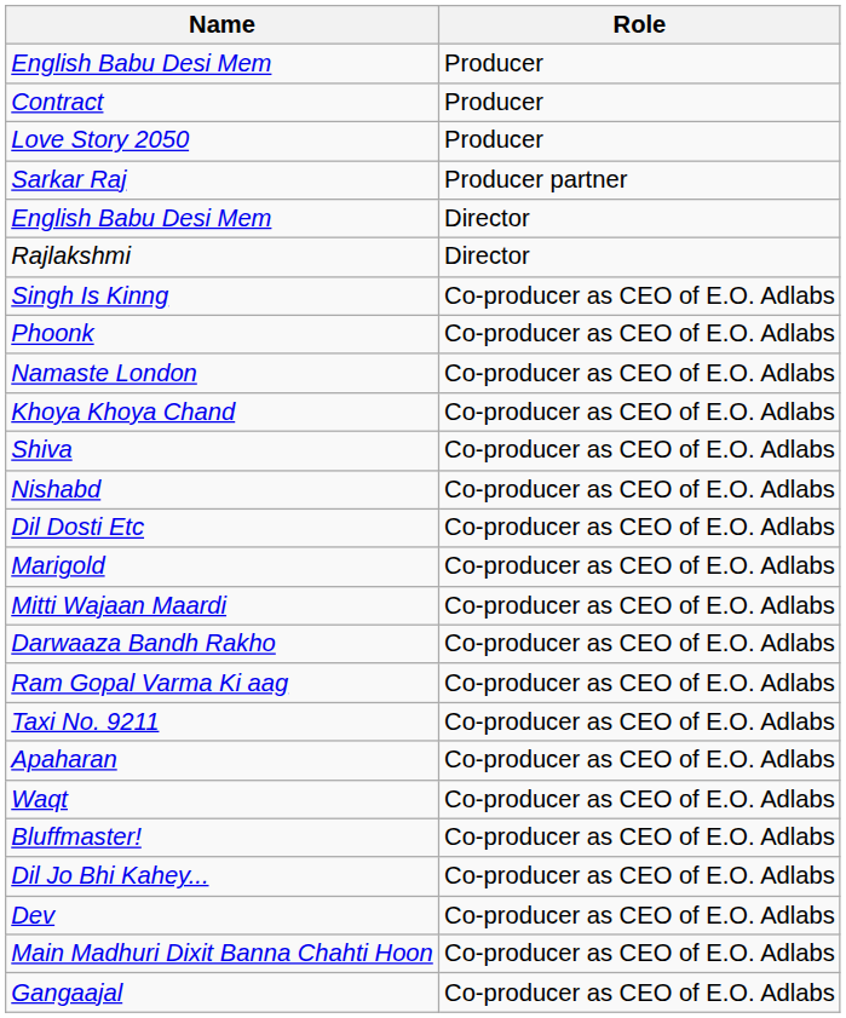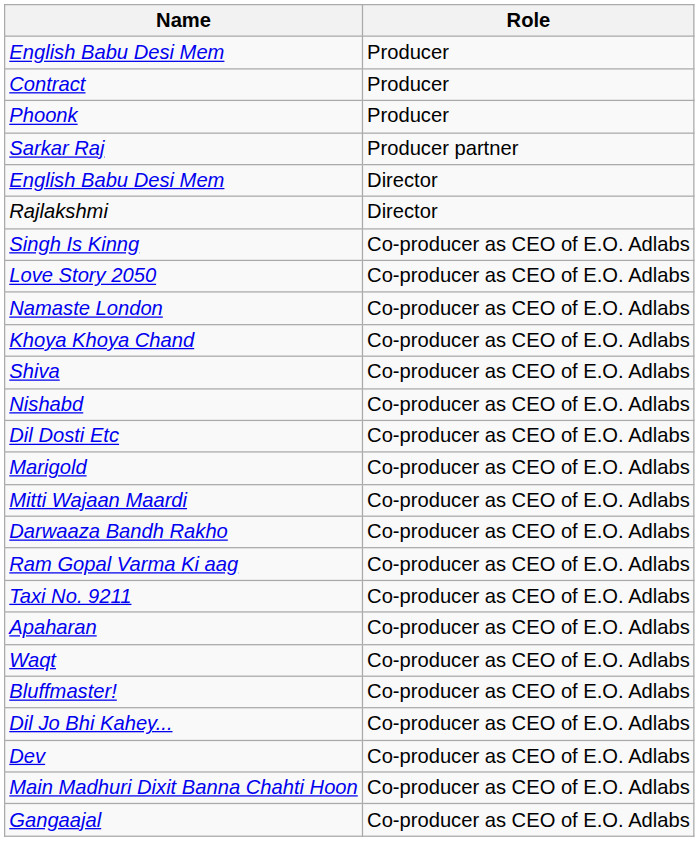 <table class="wikitable">
 <tr>
 <th>Name</th>
 <th>Role</th>
 </tr>
 <tr>
 <td><em><a href='#'>English Babu Desi Mem</a></em></td>
 <td>Producer</td>
 </tr>
 <tr>
 <td><em><a href='#'>Contract</a></em></td>
 <td>Producer</td>
 </tr>
 <tr>
-<td><em><a href='#'>Love Story 2050</a></em></td>
+<td><em><a href='#'>Phoonk</a></em></td>
 <td>Producer</td>
 </tr>
 <tr>
 <td><em><a href='#'>Sarkar Raj</a></em></td>
 <td>Producer partner</td>
 </tr>
 <tr>
 <td><em><a href='#'>English Babu Desi Mem</a></em></td>
 <td>Director</td>
 </tr>
 <tr>
 <td><em>Rajlakshmi</em></td>
 <td>Director</td>
 </tr>
 <tr>
 <td><em><a href='#'>Singh Is Kinng</a></em></td>
 <td>Co-producer as CEO of E.O. Adlabs</td>
 </tr>
 <tr>
-<td><em><a href='#'>Phoonk</a></em></td>
+<td><em><a href='#'>Love Story 2050</a></em></td>
 <td>Co-producer as CEO of E.O. Adlabs</td>
 </tr>
 <tr>
 <td><em><a href='#'>Namaste London</a></em></td>
 <td>Co-producer as CEO of E.O. Adlabs</td>
 </tr>
 <tr>
 <td><em><a href='#'>Khoya Khoya Chand</a></em></td>
 <td>Co-producer as CEO of E.O. Adlabs</td>
 </tr>
 <tr>
 <td><em><a href='#'>Shiva</a></em></td>
 <td>Co-producer as CEO of E.O. Adlabs</td>
 </tr>
 <tr>
 <td><em><a href='#'>Nishabd</a></em></td>
 <td>Co-producer as CEO of E.O. Adlabs</td>
 </tr>
 <tr>
 <td><em><a href='#'>Dil Dosti Etc</a></em></td>
 <td>Co-producer as CEO of E.O. Adlabs</td>
 </tr>
 <tr>
 <td><em><a href='#'>Marigold</a></em></td>
 <td>Co-producer as CEO of E.O. Adlabs</td>
 </tr>
 <tr>
 <td><em><a href='#'>Mitti Wajaan Maardi</a></em></td>
 <td>Co-producer as CEO of E.O. Adlabs</td>
 </tr>
 <tr>
 <td><em><a href='#'>Darwaaza Bandh Rakho</a></em></td>
 <td>Co-producer as CEO of E.O. Adlabs</td>
 </tr>
 <tr>
 <td><em><a href='#'>Ram Gopal Varma Ki aag</a></em></td>
 <td>Co-producer as CEO of E.O. Adlabs</td>
 </tr>
 <tr>
 <td><em><a href='#'>Taxi No. 9211</a></em></td>
 <td>Co-producer as CEO of E.O. Adlabs</td>
 </tr>
 <tr>
 <td><em><a href='#'>Apaharan</a></em></td>
 <td>Co-producer as CEO of E.O. Adlabs</td>
 </tr>
 <tr>
 <td><em><a href='#'>Waqt</a></em></td>
 <td>Co-producer as CEO of E.O. Adlabs</td>
 </tr>
 <tr>
 <td><em><a href='#'>Bluffmaster!</a></em></td>
 <td>Co-producer as CEO of E.O. Adlabs</td>
 </tr>
 <tr>
 <td><em><a href='#'>Dil Jo Bhi Kahey...</a></em></td>
 <td>Co-producer as CEO of E.O. Adlabs</td>
 </tr>
 <tr>
 <td><em><a href='#'>Dev</a></em></td>
 <td>Co-producer as CEO of E.O. Adlabs</td>
 </tr>
 <tr>
 <td><em><a href='#'>Main Madhuri Dixit Banna Chahti Hoon</a></em></td>
 <td>Co-producer as CEO of E.O. Adlabs</td>
 </tr>
 <tr>
 <td><em><a href='#'>Gangaajal</a></em></td>
 <td>Co-producer as CEO of E.O. Adlabs</td>
 </tr>
 </table>
